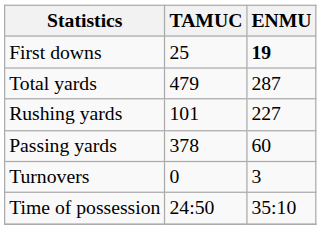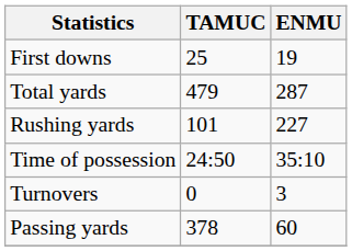 <table class="wikitable" style="float: left;">
 <tr>
 <th>Statistics</th>
 <th>TAMUC</th>
 <th>ENMU</th>
 </tr>
 <tr>
 <td>First downs</td>
 <td>25</td>
-<td><strong>19</strong></td>
+<td>19</td>
 </tr>
 <tr>
 <td>Total yards</td>
 <td>479</td>
 <td>287</td>
 </tr>
 <tr>
 <td>Rushing yards</td>
 <td>101</td>
 <td>227</td>
 </tr>
 <tr>
-<td>Passing yards</td>
-<td>378</td>
-<td>60</td>
+<td>Time of possession</td>
+<td>24:50</td>
+<td>35:10</td>
 </tr>
 <tr>
 <td>Turnovers</td>
 <td>0</td>
 <td>3</td>
 </tr>
 <tr>
-<td>Time of possession</td>
-<td>24:50</td>
-<td>35:10</td>
+<td>Passing yards</td>
+<td>378</td>
+<td>60</td>
 </tr>
 <tr>
 </tr>
 </table>
